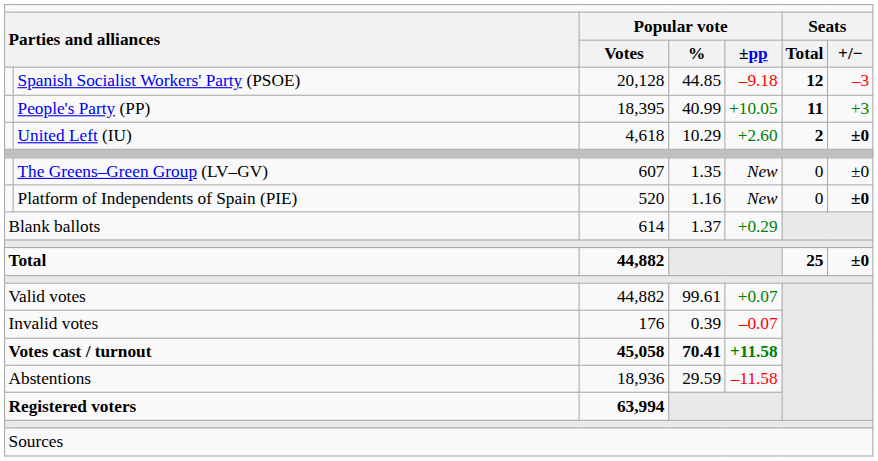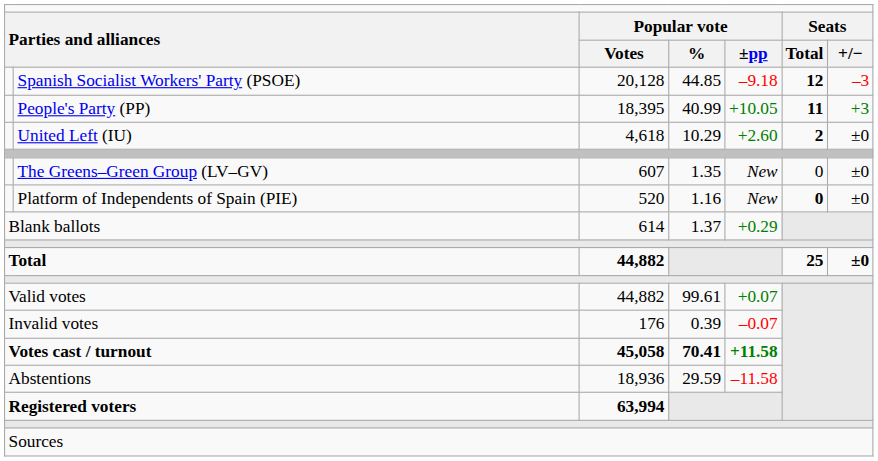 <table class="wikitable" style="text-align:right;">
 <tr>
 <td colspan="7"></td>
 </tr>
 <tr>
 <th style="text-align:left;" rowspan="2" colspan="2" width="525">Parties and alliances</th>
 <th colspan="3">Popular vote</th>
 <th colspan="2">Seats</th>
 </tr>
 <tr>
 <th width="75">Votes</th>
 <th width="45">%</th>
 <th width="45">±<a href='#'>pp</a></th>
 <th width="35">Total</th>
 <th width="35">+/−</th>
 </tr>
 <tr>
 <td width="1" style="color:inherit;background:"></td>
 <td align="left"><a href='#'>Spanish Socialist Workers' Party</a> (PSOE)</td>
 <td>20,128</td>
 <td>44.85</td>
 <td style="color:red;">–9.18</td>
 <td><strong>12</strong></td>
 <td style="color:red;">–3</td>
 </tr>
 <tr>
 <td style="color:inherit;background:"></td>
 <td align="left"><a href='#'>People's Party</a> (PP)</td>
 <td>18,395</td>
 <td>40.99</td>
 <td style="color:green;">+10.05</td>
 <td><strong>11</strong></td>
 <td style="color:green;">+3</td>
 </tr>
 <tr>
 <td style="color:inherit;background:"></td>
 <td align="left"><a href='#'>United Left</a> (IU)</td>
 <td>4,618</td>
 <td>10.29</td>
 <td style="color:green;">+2.60</td>
 <td><strong>2</strong></td>
-<td><strong>±0</strong></td>
+<td>±0</td>
 </tr>
 <tr>
 <td colspan="7" bgcolor="#C0C0C0"></td>
 </tr>
 <tr>
 <td style="color:inherit;background:"></td>
 <td align="left"><a href='#'>The Greens–Green Group</a> (LV–GV)</td>
 <td>607</td>
 <td>1.35</td>
 <td><em>New</em></td>
 <td>0</td>
 <td>±0</td>
 </tr>
 <tr>
 <td style="color:inherit;background:"></td>
 <td align="left">Platform of Independents of Spain (PIE)</td>
 <td>520</td>
 <td>1.16</td>
 <td><em>New</em></td>
-<td>0</td>
-<td><strong>±0</strong></td>
+<td><strong>0</strong></td>
+<td>±0</td>
 </tr>
 <tr>
 <td align="left" colspan="2">Blank ballots</td>
 <td>614</td>
 <td>1.37</td>
 <td style="color:green;">+0.29</td>
 <td bgcolor="#E9E9E9" colspan="2"></td>
 </tr>
 <tr>
 <td colspan="7" bgcolor="#E9E9E9"></td>
 </tr>
 <tr style="font-weight:bold;">
 <td align="left" colspan="2">Total</td>
 <td>44,882</td>
 <td bgcolor="#E9E9E9" colspan="2"></td>
 <td>25</td>
 <td>±0</td>
 </tr>
 <tr>
 <td colspan="7" bgcolor="#E9E9E9"></td>
 </tr>
 <tr>
 <td align="left" colspan="2">Valid votes</td>
 <td>44,882</td>
 <td>99.61</td>
 <td style="color:green;">+0.07</td>
 <td bgcolor="#E9E9E9" colspan="2" rowspan="5"></td>
 </tr>
 <tr>
 <td align="left" colspan="2">Invalid votes</td>
 <td>176</td>
 <td>0.39</td>
 <td style="color:red;">–0.07</td>
 </tr>
 <tr style="font-weight:bold;">
 <td align="left" colspan="2">Votes cast / turnout</td>
 <td>45,058</td>
 <td>70.41</td>
 <td style="color:green;">+11.58</td>
 </tr>
 <tr>
 <td align="left" colspan="2">Abstentions</td>
 <td>18,936</td>
 <td>29.59</td>
 <td style="color:red;">–11.58</td>
 </tr>
 <tr style="font-weight:bold;">
 <td align="left" colspan="2">Registered voters</td>
 <td>63,994</td>
 <td bgcolor="#E9E9E9" colspan="2"></td>
 </tr>
 <tr>
 <td colspan="7" bgcolor="#E9E9E9"></td>
 </tr>
 <tr>
 <td align="left" colspan="7">Sources</td>
 </tr>
 </table>
